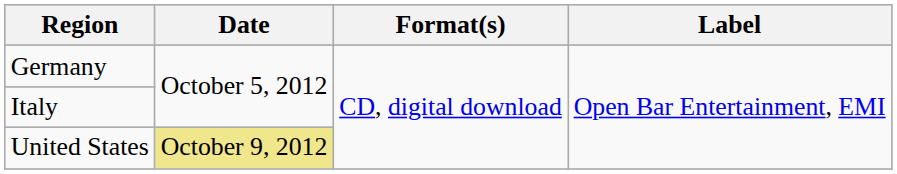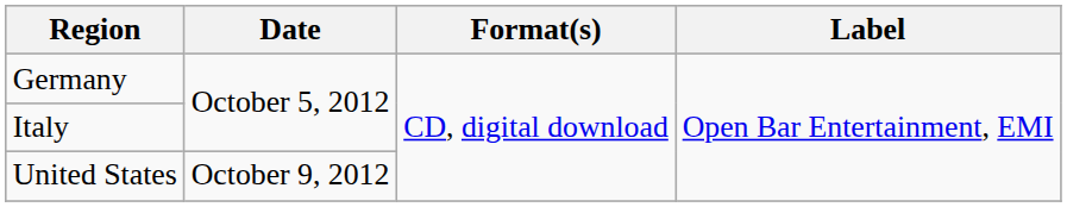 <table class="wikitable">
 <tr>
 <th>Region</th>
 <th>Date</th>
 <th>Format(s)</th>
 <th>Label</th>
 </tr>
 <tr>
 <td>Germany</td>
 <td rowspan="2">October 5, 2012</td>
 <td rowspan="3"><a href='#'>CD</a>, <a href='#'>digital download</a></td>
 <td rowspan="3"><a href='#'>Open Bar Entertainment</a>, <a href='#'>EMI</a></td>
 </tr>
 <tr>
 <td>Italy</td>
 </tr>
 <tr>
 <td>United States</td>
-<td style="background: khaki;">October 9, 2012</td>
+<td>October 9, 2012</td>
 </tr>
 </table>
